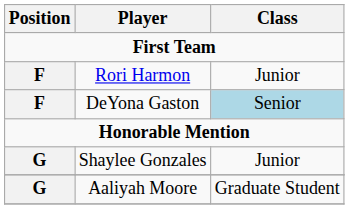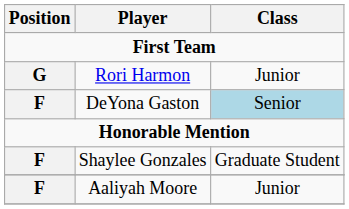 <table class="wikitable">
 <tr>
 <th>Position</th>
 <th>Player</th>
 <th>Class</th>
 </tr>
 <tr>
 <td colspan="4" style="text-align:center; "><strong>First Team</strong></td>
 </tr>
 <tr style="text-align:center;">
-<th rowspan="1">F</th>
+<th rowspan="1">G</th>
 <td><a href='#'>Rori Harmon</a></td>
 <td>Junior</td>
 </tr>
 <tr style="text-align:center;">
 <th rowspan="1">F</th>
 <td>DeYona Gaston</td>
 <td style="background: lightblue;">Senior</td>
 </tr>
 <tr>
 <td colspan="4" style="text-align:center; "><strong>Honorable Mention</strong></td>
 </tr>
 <tr style="text-align:center;">
-<th rowspan="1">G</th>
+<th rowspan="1">F</th>
 <td>Shaylee Gonzales</td>
+<td>Graduate Student</td>
+</tr>
+<tr>
+</tr>
+<tr style="text-align:center;">
+<th rowspan="1">F</th>
+<td>Aaliyah Moore</td>
 <td>Junior</td>
 </tr>
 <tr>
 </tr>
-<tr style="text-align:center;">
-<th rowspan="1">G</th>
-<td>Aaliyah Moore</td>
-<td>Graduate Student</td>
-</tr>
-<tr>
-</tr>
 </table>
